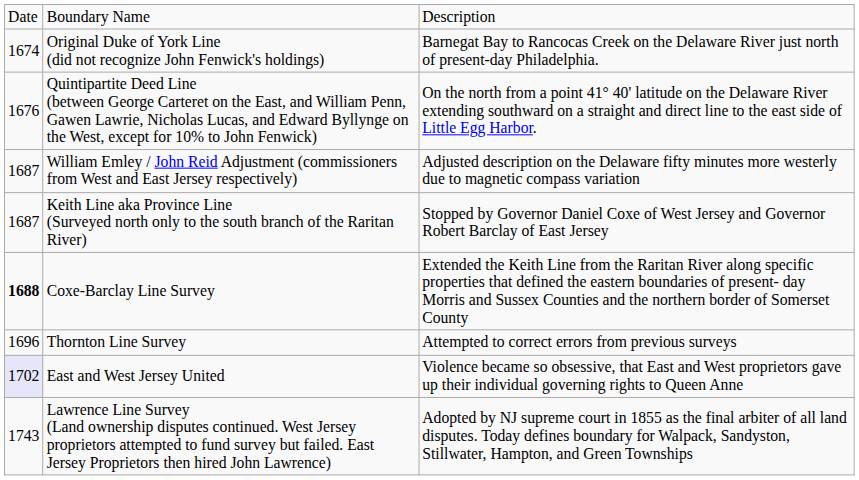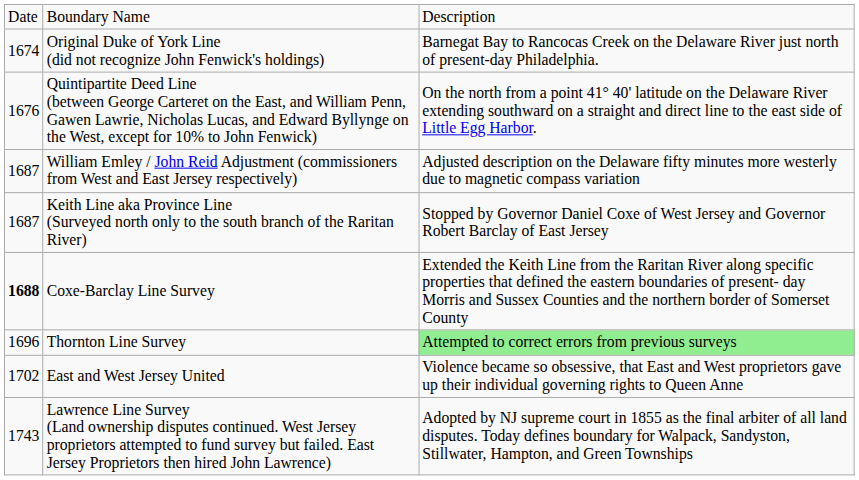 <table class="wikitable">
 <tr>
 <td>Date</td>
 <td>Boundary Name</td>
 <td>Description</td>
 </tr>
 <tr>
 <td>1674</td>
 <td>Original Duke of York Line<br>(did not recognize John Fenwick's holdings)</td>
 <td>Barnegat Bay to Rancocas Creek on the Delaware River just north of present-day Philadelphia.</td>
 </tr>
 <tr>
 <td>1676</td>
 <td>Quintipartite Deed Line<br>(between George Carteret on the East, and William Penn, Gawen Lawrie, Nicholas Lucas, and Edward Byllynge on the West, except for 10% to John Fenwick) <br></td>
 <td>On the north from a point 41° 40' latitude on the Delaware River extending southward on a straight and direct line to the east side of <a href='#'>Little Egg Harbor</a>.</td>
 </tr>
 <tr>
 <td>1687</td>
 <td>William Emley / <a href='#'>John Reid</a> Adjustment (commissioners from West and East Jersey respectively)</td>
 <td>Adjusted description on the Delaware fifty minutes more westerly due to magnetic compass variation</td>
 </tr>
 <tr>
 <td>1687</td>
 <td>Keith Line aka Province Line<br>(Surveyed north only to the south branch of the Raritan River)</td>
 <td>Stopped by Governor Daniel Coxe of West Jersey and Governor Robert Barclay of East Jersey</td>
 </tr>
 <tr>
 <td><strong>1688</strong></td>
 <td>Coxe-Barclay Line Survey</td>
 <td>Extended the Keith Line from the Raritan River along specific properties that defined the eastern boundaries of present- day Morris and Sussex Counties and the northern border of Somerset County</td>
 </tr>
 <tr>
 <td>1696</td>
 <td>Thornton Line Survey</td>
-<td>Attempted to correct errors from previous surveys</td>
+<td style="background: lightgreen;">Attempted to correct errors from previous surveys</td>
 </tr>
 <tr>
-<td style="background: lavender;">1702</td>
+<td>1702</td>
 <td>East and West Jersey United</td>
 <td>Violence became so obsessive, that East and West proprietors gave up their individual governing rights to Queen Anne</td>
 </tr>
 <tr>
 <td>1743</td>
 <td>Lawrence Line Survey<br>(Land ownership disputes continued. West Jersey proprietors attempted to fund survey but failed. East Jersey Proprietors then hired John Lawrence)</td>
 <td>Adopted by NJ supreme court in 1855 as the final arbiter of all land disputes. Today defines boundary for Walpack, Sandyston, Stillwater, Hampton, and Green Townships</td>
 </tr>
 </table>
